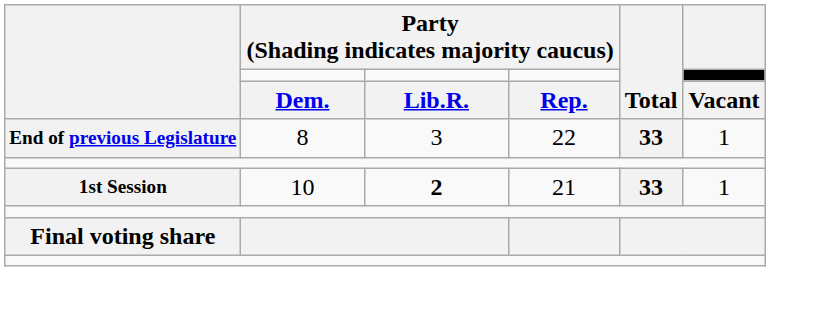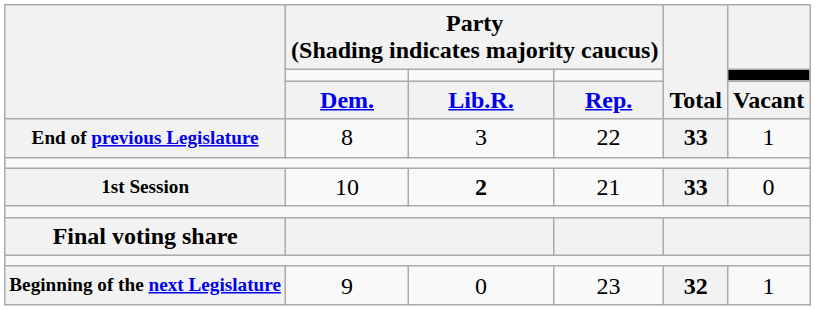 <table class=wikitable style="text-align:center">
 <tr style="vertical-align:bottom;">
 <th rowspan=3></th>
 <th colspan=3>Party <div>(Shading indicates majority caucus)</div></th>
 <th rowspan=3>Total</th>
 <th></th>
 </tr>
 <tr style="height:5px">
 <td style="background-color:"></td>
 <td style="background-color:"></td>
 <td style="background-color:"></td>
 <td style="background:black;"></td>
 </tr>
 <tr>
 <th><a href='#'>Dem.</a></th>
 <th><a href='#'>Lib.R.</a></th>
 <th><a href='#'>Rep.</a></th>
 <th>Vacant</th>
 </tr>
 <tr>
 <th style="font-size:80%;">End of <a href='#'>previous Legislature</a></th>
 <td>8</td>
 <td>3</td>
 <td>22</td>
 <th>33</th>
 <td>1</td>
 </tr>
 <tr>
 <td colspan=6></td>
 </tr>
 <tr>
 <th style="font-size:80%;">1st Session</th>
 <td>10</td>
 <td><strong>2</strong></td>
 <td>21</td>
 <th>33</th>
-<td>1</td>
+<td>0</td>
 </tr>
 <tr>
 <td colspan=6></td>
 </tr>
 <tr>
 <th>Final voting share</th>
 <th colspan=2></th>
 <th></th>
 <th colspan=2></th>
 </tr>
 <tr>
 <td colspan=6></td>
 </tr>
+<tr>
+<th style="font-size:80%;">Beginning of the <a href='#'>next Legislature</a></th>
+<td>9</td>
+<td>0</td>
+<td>23</td>
+<th>32</th>
+<td>1</td>
+</tr>
 </table>
